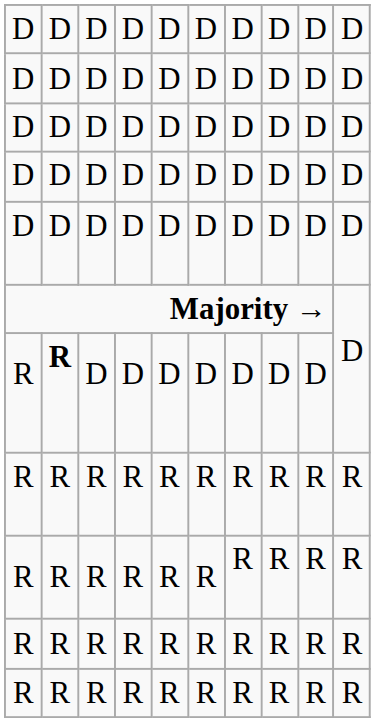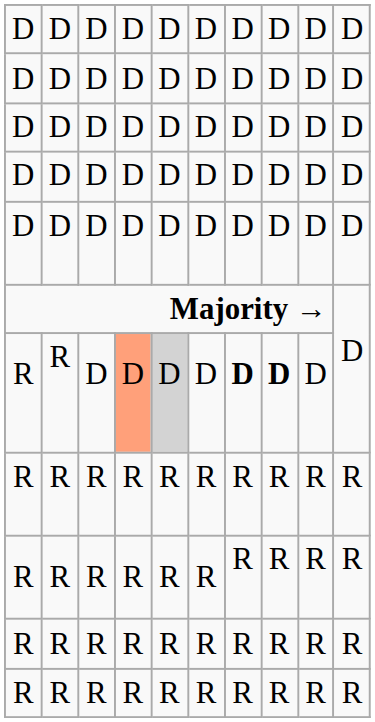 <table class="wikitable" style="text-align:center;">
 <tr>
 <td>D</td>
 <td>D</td>
 <td>D</td>
 <td>D</td>
 <td>D</td>
 <td>D</td>
 <td>D</td>
 <td>D</td>
 <td>D</td>
 <td>D</td>
 </tr>
 <tr>
 <td width=10% >D</td>
 <td width=10% >D</td>
 <td width=10% >D</td>
 <td width=10% >D</td>
 <td width=10% >D</td>
 <td width=10% >D</td>
 <td width=10% >D</td>
 <td width=10% >D</td>
 <td width=10% >D</td>
 <td width=10% >D</td>
 </tr>
 <tr>
 <td>D</td>
 <td>D</td>
 <td>D</td>
 <td>D</td>
 <td>D</td>
 <td>D</td>
 <td>D</td>
 <td>D</td>
 <td>D</td>
 <td>D</td>
 </tr>
 <tr>
 <td>D</td>
 <td>D</td>
 <td>D</td>
 <td>D</td>
 <td>D</td>
 <td>D</td>
 <td>D</td>
 <td>D</td>
 <td>D</td>
 <td>D</td>
 </tr>
 <tr>
 <td>D<br><br></td>
 <td>D<br><br></td>
 <td>D<br><br></td>
 <td>D<br><br></td>
 <td>D<br><br></td>
 <td>D<br><br></td>
 <td>D<br><br></td>
 <td>D<br><br></td>
 <td>D<br><br></td>
 <td>D<br><br></td>
 </tr>
 <tr>
 <td colspan=9 style="text-align:right"><strong>Majority →</strong></td>
 <td rowspan=2 >D<br><br></td>
 </tr>
 <tr>
 <td>R<br><br></td>
-<td><strong>R<br><br><br></strong></td>
+<td>R<br><br><br></td>
 <td>D<br><br></td>
+<td style="background: lightsalmon;">D<br><br></td>
+<td style="background: lightgrey;">D<br><br></td>
 <td>D<br><br></td>
-<td>D<br><br></td>
-<td>D<br><br></td>
-<td>D<br><br></td>
-<td>D<br><br></td>
+<td><strong>D<br><br></strong></td>
+<td><strong>D<br><br></strong></td>
 <td>D<br><br></td>
 </tr>
 <tr>
 <td>R<br><br></td>
 <td>R<br><br></td>
 <td>R<br><br></td>
 <td>R<br><br></td>
 <td>R<br><br></td>
 <td>R<br><br></td>
 <td>R<br><br></td>
 <td>R<br><br></td>
 <td>R<br><br></td>
 <td>R<br><br></td>
 </tr>
 <tr>
 <td>R</td>
 <td>R</td>
 <td>R</td>
 <td>R</td>
 <td>R</td>
 <td>R</td>
 <td>R<br><br></td>
 <td>R<br><br></td>
 <td>R<br><br></td>
 <td>R<br><br></td>
 </tr>
 <tr>
 <td>R</td>
 <td>R</td>
 <td>R</td>
 <td>R</td>
 <td>R</td>
 <td>R</td>
 <td>R</td>
 <td>R</td>
 <td>R</td>
 <td>R</td>
 </tr>
 <tr>
 <td>R</td>
 <td>R</td>
 <td>R</td>
 <td>R</td>
 <td>R</td>
 <td>R</td>
 <td>R</td>
 <td>R</td>
 <td>R</td>
 <td>R</td>
 </tr>
 </table>
